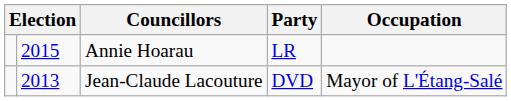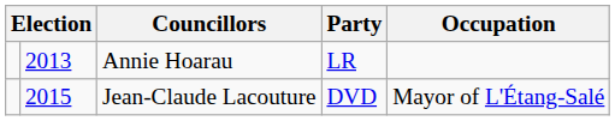 <table class="wikitable">
 <tr>
 <th colspan="2">Election</th>
 <th>Councillors</th>
 <th>Party</th>
 <th>Occupation</th>
 </tr>
 <tr>
 <td style="background-color: "></td>
-<td><a href='#'>2015</a></td>
+<td><a href='#'>2013</a></td>
 <td>Annie Hoarau</td>
 <td><a href='#'>LR</a></td>
 <td></td>
 </tr>
 <tr>
 <td style="background-color: "></td>
-<td><a href='#'>2013</a></td>
+<td><a href='#'>2015</a></td>
 <td>Jean-Claude Lacouture</td>
 <td><a href='#'>DVD</a></td>
 <td>Mayor of <a href='#'>L'Étang-Salé</a></td>
 </tr>
 </table>
